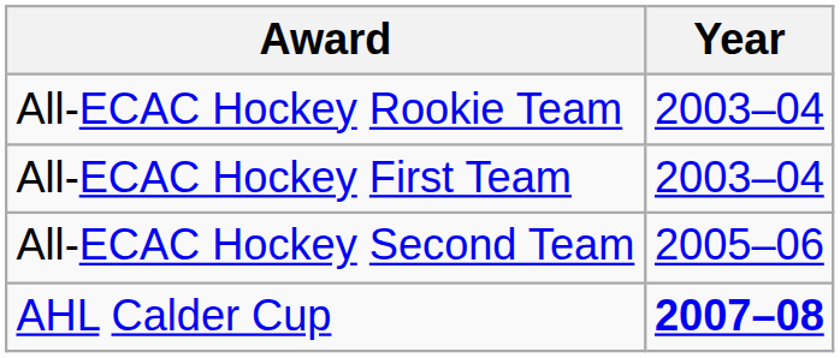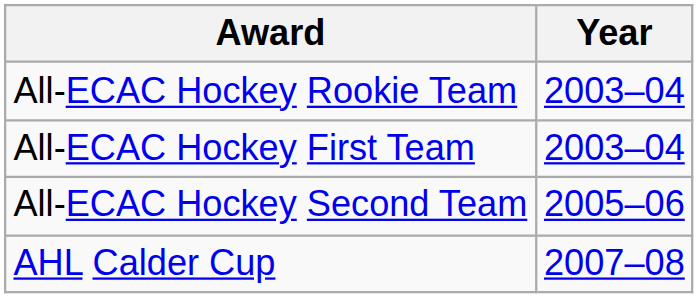 <table class="wikitable">
 <tr>
 <th>Award</th>
 <th>Year</th>
 </tr>
 <tr>
 <td>All-<a href='#'>ECAC Hockey</a> <a href='#'>Rookie Team</a></td>
 <td><a href='#'>2003–04</a></td>
 </tr>
 <tr>
 <td>All-<a href='#'>ECAC Hockey</a> <a href='#'>First Team</a></td>
 <td><a href='#'>2003–04</a></td>
 </tr>
 <tr>
 <td>All-<a href='#'>ECAC Hockey</a> <a href='#'>Second Team</a></td>
 <td><a href='#'>2005–06</a></td>
 </tr>
 <tr>
 <td><a href='#'>AHL</a>  <a href='#'>Calder Cup</a></td>
-<td><strong><a href='#'>2007–08</a></strong></td>
+<td><a href='#'>2007–08</a></td>
 </tr>
 </table>
